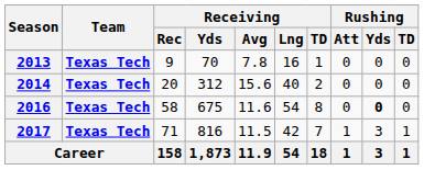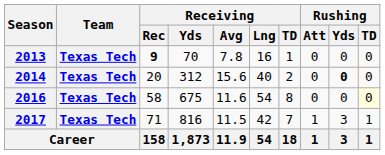 <table class="wikitable" style="text-align:center;">
 <tr>
 <th rowspan="2">Season</th>
 <th rowspan="2">Team</th>
 <th colspan="5">Receiving</th>
 <th colspan="3">Rushing</th>
 </tr>
 <tr>
 <th>Rec</th>
 <th>Yds</th>
 <th>Avg</th>
 <th>Lng</th>
 <th>TD</th>
 <th>Att</th>
 <th>Yds</th>
 <th>TD</th>
 </tr>
 <tr>
 <th><a href='#'>2013</a></th>
 <th><a href='#'>Texas Tech</a></th>
-<td>9</td>
+<td><strong>9</strong></td>
 <td>70</td>
 <td>7.8</td>
 <td>16</td>
 <td>1</td>
 <td>0</td>
 <td>0</td>
 <td>0</td>
 </tr>
 <tr>
 <th><a href='#'>2014</a></th>
 <th><a href='#'>Texas Tech</a></th>
 <td>20</td>
 <td>312</td>
 <td>15.6</td>
 <td>40</td>
 <td>2</td>
 <td>0</td>
-<td>0</td>
+<td><strong>0</strong></td>
 <td>0</td>
 </tr>
 <tr>
 <th><a href='#'>2016</a></th>
 <th><a href='#'>Texas Tech</a></th>
 <td>58</td>
 <td>675</td>
 <td>11.6</td>
 <td>54</td>
 <td>8</td>
 <td>0</td>
-<td><strong>0</strong></td>
 <td>0</td>
+<td style="background: lightyellow;">0</td>
 </tr>
 <tr>
 <th><a href='#'>2017</a></th>
 <th><a href='#'>Texas Tech</a></th>
 <td>71</td>
 <td>816</td>
 <td>11.5</td>
 <td>42</td>
 <td>7</td>
 <td>1</td>
 <td>3</td>
 <td>1</td>
 </tr>
 <tr>
 <th colspan="2">Career</th>
 <th>158</th>
 <th>1,873</th>
 <th>11.9</th>
 <th>54</th>
 <th>18</th>
 <th>1</th>
 <th>3</th>
 <th>1</th>
 </tr>
 </table>
